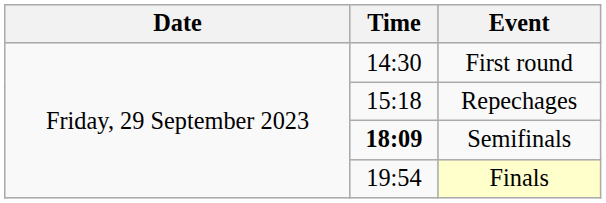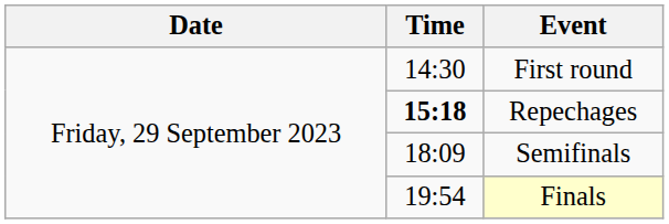 <table class = "wikitable" style="text-align:center;">
 <tr>
 <th width=220>Date</th>
 <th width=50>Time</th>
 <th width=100>Event</th>
 </tr>
 <tr>
 <td rowspan=4>Friday, 29 September 2023</td>
 <td>14:30</td>
 <td>First round</td>
 </tr>
 <tr>
-<td>15:18</td>
+<td><strong>15:18</strong></td>
 <td>Repechages</td>
 </tr>
 <tr>
-<td><strong>18:09</strong></td>
+<td>18:09</td>
 <td>Semifinals</td>
 </tr>
 <tr>
 <td>19:54</td>
 <td bgcolor=ffffcc>Finals</td>
 </tr>
 </table>
